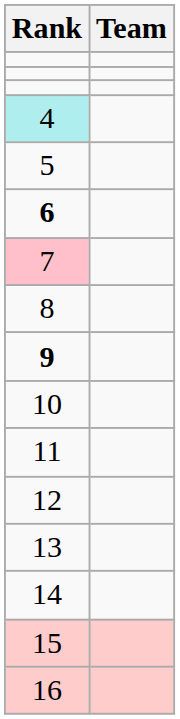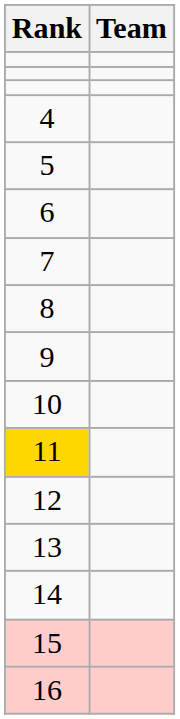 <table class="wikitable" style="text-align: center">
 <tr>
 <th>Rank</th>
 <th>Team</th>
 </tr>
 <tr>
 <td></td>
 <td align=left></td>
 </tr>
 <tr>
 <td></td>
 <td align=left></td>
 </tr>
 <tr>
 <td></td>
 <td align=left></td>
 </tr>
 <tr>
-<td style="background: paleturquoise;">4</td>
+<td>4</td>
 <td align=left></td>
 </tr>
 <tr>
 <td>5</td>
 <td align=left></td>
 </tr>
 <tr>
-<td><strong>6</strong></td>
+<td>6</td>
 <td align=left></td>
 </tr>
 <tr>
-<td style="background: pink;">7</td>
+<td>7</td>
 <td align=left></td>
 </tr>
 <tr>
 <td>8</td>
 <td align=left></td>
 </tr>
 <tr>
-<td><strong>9</strong></td>
+<td>9</td>
 <td align=left></td>
 </tr>
 <tr>
 <td>10</td>
 <td align=left></td>
 </tr>
 <tr>
-<td>11</td>
+<td style="background: gold;">11</td>
 <td align=left></td>
 </tr>
 <tr>
 <td>12</td>
 <td align=left></td>
 </tr>
 <tr>
 <td>13</td>
 <td align=left></td>
 </tr>
 <tr>
 <td>14</td>
 <td align=left></td>
 </tr>
 <tr bgcolor=#ffcccc>
 <td>15</td>
 <td align=left></td>
 </tr>
 <tr bgcolor=#ffcccc>
 <td>16</td>
 <td align=left></td>
 </tr>
 </table>
